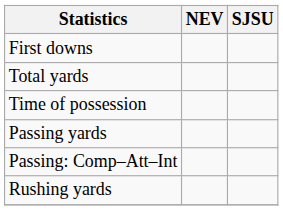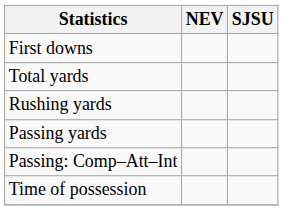 <table class="wikitable" style="float: left;">
 <tr>
 <th>Statistics</th>
 <th>NEV</th>
 <th>SJSU</th>
 </tr>
 <tr>
 <td>First downs</td>
 <td></td>
 <td></td>
 </tr>
 <tr>
 <td>Total yards</td>
 <td></td>
 <td></td>
 </tr>
 <tr>
-<td>Time of possession</td>
+<td>Rushing yards</td>
 <td></td>
 <td></td>
 </tr>
 <tr>
 <td>Passing yards</td>
 <td></td>
 <td></td>
 </tr>
 <tr>
 <td>Passing: Comp–Att–Int</td>
 <td></td>
 <td></td>
 </tr>
 <tr>
-<td>Rushing yards</td>
+<td>Time of possession</td>
 <td></td>
 <td></td>
 </tr>
 <tr>
 </tr>
 </table>
